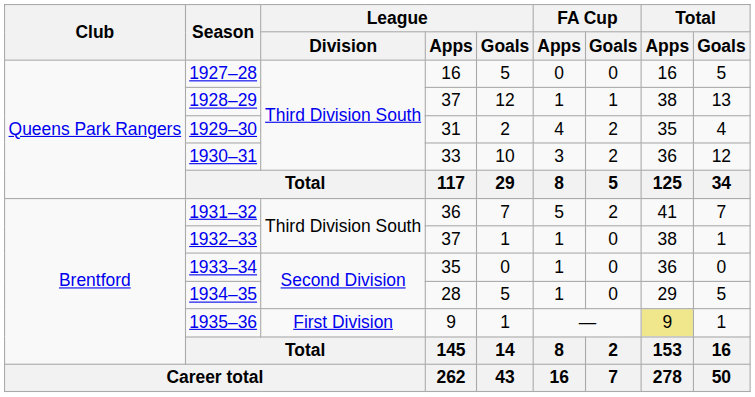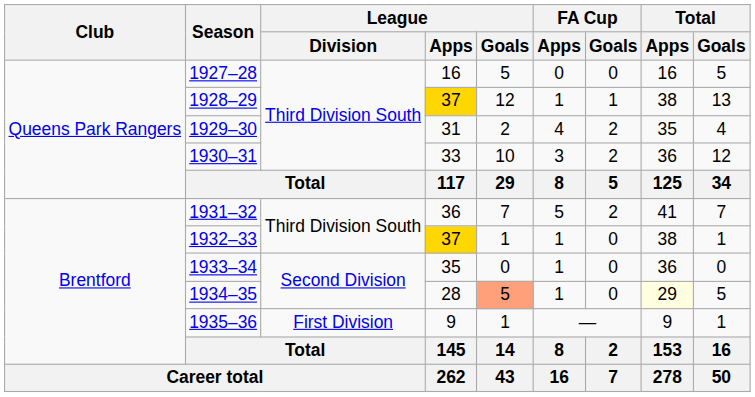 <table class="wikitable" style="text-align: center;">
 <tr>
 <th rowspan="2">Club</th>
 <th rowspan="2">Season</th>
 <th colspan="3">League</th>
 <th colspan="2">FA Cup</th>
 <th colspan="2">Total</th>
 </tr>
 <tr>
 <th>Division</th>
 <th>Apps</th>
 <th>Goals</th>
 <th>Apps</th>
 <th>Goals</th>
 <th>Apps</th>
 <th>Goals</th>
 </tr>
 <tr>
 <td rowspan="5"><a href='#'>Queens Park Rangers</a></td>
 <td><a href='#'>1927–28</a></td>
 <td rowspan="4"><a href='#'>Third Division South</a></td>
 <td>16</td>
 <td>5</td>
 <td>0</td>
 <td>0</td>
 <td>16</td>
 <td>5</td>
 </tr>
 <tr>
 <td><a href='#'>1928–29</a></td>
-<td>37</td>
+<td style="background: gold;">37</td>
 <td>12</td>
 <td>1</td>
 <td>1</td>
 <td>38</td>
 <td>13</td>
 </tr>
 <tr>
 <td><a href='#'>1929–30</a></td>
 <td>31</td>
 <td>2</td>
 <td>4</td>
 <td>2</td>
 <td>35</td>
 <td>4</td>
 </tr>
 <tr>
 <td><a href='#'>1930–31</a></td>
 <td>33</td>
 <td>10</td>
 <td>3</td>
 <td>2</td>
 <td>36</td>
 <td>12</td>
 </tr>
 <tr>
 <th colspan="2">Total</th>
 <th>117</th>
 <th>29</th>
 <th>8</th>
 <th>5</th>
 <th>125</th>
 <th>34</th>
 </tr>
 <tr>
 <td rowspan="6"><a href='#'>Brentford</a></td>
 <td><a href='#'>1931–32</a></td>
 <td rowspan="2">Third Division South</td>
 <td>36</td>
 <td>7</td>
 <td>5</td>
 <td>2</td>
 <td>41</td>
 <td>7</td>
 </tr>
 <tr>
 <td><a href='#'>1932–33</a></td>
-<td>37</td>
+<td style="background: gold;">37</td>
 <td>1</td>
 <td>1</td>
 <td>0</td>
 <td>38</td>
 <td>1</td>
 </tr>
 <tr>
 <td><a href='#'>1933–34</a></td>
 <td rowspan="2"><a href='#'>Second Division</a></td>
 <td>35</td>
 <td>0</td>
 <td>1</td>
 <td>0</td>
 <td>36</td>
 <td>0</td>
 </tr>
 <tr>
 <td><a href='#'>1934–35</a></td>
 <td>28</td>
-<td>5</td>
+<td style="background: lightsalmon;">5</td>
 <td>1</td>
 <td>0</td>
-<td>29</td>
+<td style="background: lightyellow;">29</td>
 <td>5</td>
 </tr>
 <tr>
 <td><a href='#'>1935–36</a></td>
 <td><a href='#'>First Division</a></td>
 <td>9</td>
 <td>1</td>
 <td colspan="2"><em>—</em></td>
-<td style="background: khaki;">9</td>
+<td>9</td>
 <td>1</td>
 </tr>
 <tr>
 <th colspan="2">Total</th>
 <th>145</th>
 <th>14</th>
 <th>8</th>
 <th>2</th>
 <th>153</th>
 <th>16</th>
 </tr>
 <tr>
 <th colspan="3">Career total</th>
 <th>262</th>
 <th>43</th>
 <th>16</th>
 <th>7</th>
 <th>278</th>
 <th>50</th>
 </tr>
 </table>
